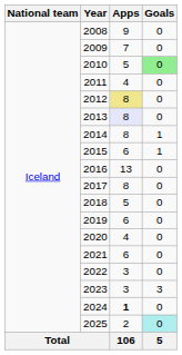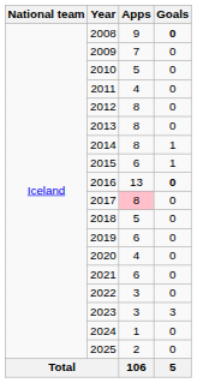 <table class="wikitable" style="text-align:center">
 <tr>
 <th>National team</th>
 <th>Year</th>
 <th>Apps</th>
 <th>Goals</th>
 </tr>
 <tr>
 <td rowspan="18"><a href='#'>Iceland</a></td>
 <td>2008</td>
 <td>9</td>
-<td>0</td>
+<td><strong>0</strong></td>
 </tr>
 <tr>
 <td>2009</td>
 <td>7</td>
 <td>0</td>
 </tr>
 <tr>
 <td>2010</td>
 <td>5</td>
-<td style="background: lightgreen;">0</td>
+<td>0</td>
 </tr>
 <tr>
 <td>2011</td>
 <td>4</td>
 <td>0</td>
 </tr>
 <tr>
 <td>2012</td>
-<td style="background: khaki;">8</td>
+<td>8</td>
 <td>0</td>
 </tr>
 <tr>
 <td>2013</td>
-<td style="background: lavender;">8</td>
+<td>8</td>
 <td>0</td>
 </tr>
 <tr>
 <td>2014</td>
 <td>8</td>
 <td>1</td>
 </tr>
 <tr>
 <td>2015</td>
 <td>6</td>
 <td>1</td>
 </tr>
 <tr>
 <td>2016</td>
 <td>13</td>
-<td>0</td>
+<td><strong>0</strong></td>
 </tr>
 <tr>
 <td>2017</td>
-<td>8</td>
+<td style="background: pink;">8</td>
 <td>0</td>
 </tr>
 <tr>
 <td>2018</td>
 <td>5</td>
 <td>0</td>
 </tr>
 <tr>
 <td>2019</td>
 <td>6</td>
 <td>0</td>
 </tr>
 <tr>
 <td>2020</td>
 <td>4</td>
 <td>0</td>
 </tr>
 <tr>
 <td>2021</td>
 <td>6</td>
 <td>0</td>
 </tr>
 <tr>
 <td>2022</td>
 <td>3</td>
 <td>0</td>
 </tr>
 <tr>
 <td>2023</td>
 <td>3</td>
 <td>3</td>
 </tr>
 <tr>
 <td>2024</td>
-<td><strong>1</strong></td>
+<td>1</td>
 <td>0</td>
 </tr>
 <tr>
 <td>2025</td>
 <td>2</td>
-<td style="background: paleturquoise;">0</td>
+<td>0</td>
 </tr>
 <tr>
 <th colspan="2">Total</th>
 <th>106</th>
 <th>5</th>
 </tr>
 </table>
